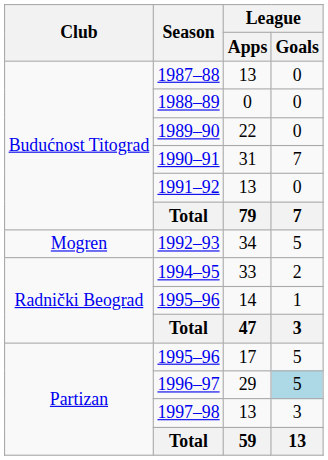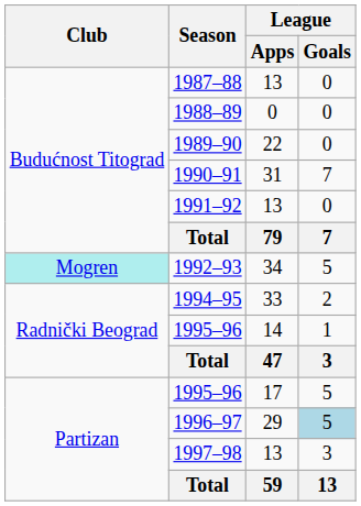 <table class="wikitable" style="text-align:center">
 <tr>
 <th rowspan="2">Club</th>
 <th rowspan="2">Season</th>
 <th colspan="2">League</th>
 </tr>
 <tr>
 <th>Apps</th>
 <th>Goals</th>
 </tr>
 <tr>
 <td rowspan="6"><a href='#'>Budućnost Titograd</a></td>
 <td><a href='#'>1987–88</a></td>
 <td>13</td>
 <td>0</td>
 </tr>
 <tr>
 <td><a href='#'>1988–89</a></td>
 <td>0</td>
 <td>0</td>
 </tr>
 <tr>
 <td><a href='#'>1989–90</a></td>
 <td>22</td>
 <td>0</td>
 </tr>
 <tr>
 <td><a href='#'>1990–91</a></td>
 <td>31</td>
 <td>7</td>
 </tr>
 <tr>
 <td><a href='#'>1991–92</a></td>
 <td>13</td>
 <td>0</td>
 </tr>
 <tr>
 <th>Total</th>
 <th>79</th>
 <th>7</th>
 </tr>
 <tr>
-<td><a href='#'>Mogren</a></td>
+<td style="background: paleturquoise;"><a href='#'>Mogren</a></td>
 <td><a href='#'>1992–93</a></td>
 <td>34</td>
 <td>5</td>
 </tr>
 <tr>
 <td rowspan="3"><a href='#'>Radnički Beograd</a></td>
 <td><a href='#'>1994–95</a></td>
 <td>33</td>
 <td>2</td>
 </tr>
 <tr>
 <td><a href='#'>1995–96</a></td>
 <td>14</td>
 <td>1</td>
 </tr>
 <tr>
 <th>Total</th>
 <th>47</th>
 <th>3</th>
 </tr>
 <tr>
 <td rowspan="4"><a href='#'>Partizan</a></td>
 <td><a href='#'>1995–96</a></td>
 <td>17</td>
 <td>5</td>
 </tr>
 <tr>
 <td><a href='#'>1996–97</a></td>
 <td>29</td>
 <td style="background: lightblue;">5</td>
 </tr>
 <tr>
 <td><a href='#'>1997–98</a></td>
 <td>13</td>
 <td>3</td>
 </tr>
 <tr>
 <th>Total</th>
 <th>59</th>
 <th>13</th>
 </tr>
 </table>
